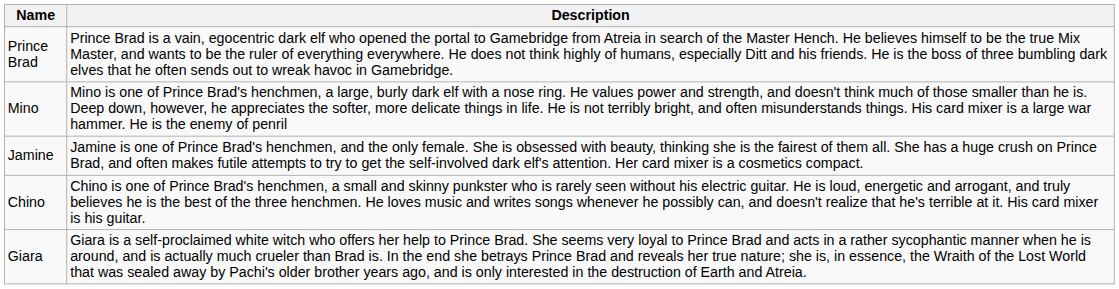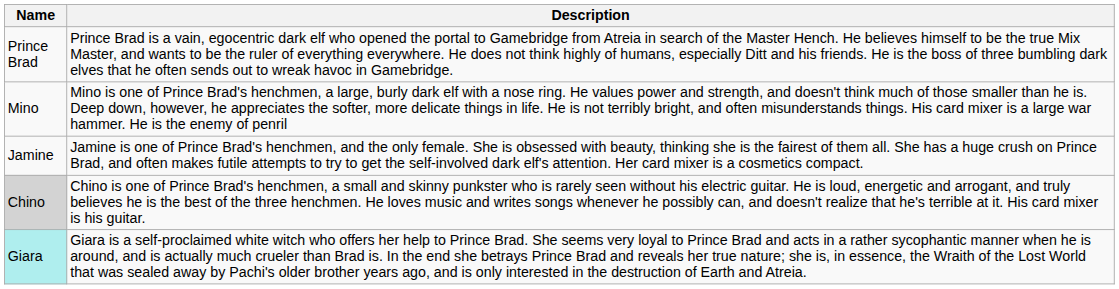 <table class="wikitable">
 <tr>
 <th>Name</th>
 <th>Description</th>
 </tr>
 <tr>
 <td>Prince Brad</td>
 <td>Prince Brad is a vain, egocentric dark elf who opened the portal to Gamebridge from Atreia in search of the Master Hench. He believes himself to be the true Mix Master, and wants to be the ruler of everything everywhere. He does not think highly of humans, especially Ditt and his friends. He is the boss of three bumbling dark elves that he often sends out to wreak havoc in Gamebridge.</td>
 </tr>
 <tr>
 <td>Mino</td>
 <td>Mino is one of Prince Brad's henchmen, a large, burly dark elf with a nose ring. He values power and strength, and doesn't think much of those smaller than he is. Deep down, however, he appreciates the softer, more delicate things in life. He is not terribly bright, and often misunderstands things. His card mixer is a large war hammer. He is the enemy of penril</td>
 </tr>
 <tr>
 <td>Jamine</td>
 <td>Jamine is one of Prince Brad's henchmen, and the only female. She is obsessed with beauty, thinking she is the fairest of them all. She has a huge crush on Prince Brad, and often makes futile attempts to try to get the self-involved dark elf's attention. Her card mixer is a cosmetics compact.</td>
 </tr>
 <tr>
-<td>Chino</td>
+<td style="background: lightgrey;">Chino</td>
 <td>Chino is one of Prince Brad's henchmen, a small and skinny punkster who is rarely seen without his electric guitar. He is loud, energetic and arrogant, and truly believes he is the best of the three henchmen. He loves music and writes songs whenever he possibly can, and doesn't realize that he's terrible at it. His card mixer is his guitar.</td>
 </tr>
 <tr>
-<td>Giara</td>
+<td style="background: paleturquoise;">Giara</td>
 <td>Giara is a self-proclaimed white witch who offers her help to Prince Brad. She seems very loyal to Prince Brad and acts in a rather sycophantic manner when he is around, and is actually much crueler than Brad is. In the end she betrays Prince Brad and reveals her true nature; she is, in essence, the Wraith of the Lost World that was sealed away by Pachi's older brother years ago, and is only interested in the destruction of Earth and Atreia.</td>
 </tr>
 </table>
